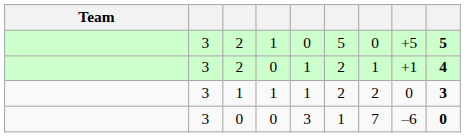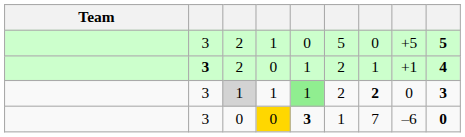 <table class="wikitable" style="text-align: center; font-size: 90%;">
 <tr>
 <th width=165>Team</th>
 <th width=25></th>
 <th width=25></th>
 <th width=25></th>
 <th width=25></th>
 <th width=25></th>
 <th width=25></th>
 <th width=25></th>
 <th width=25></th>
 </tr>
 <tr bgcolor=#ccffcc>
 <td align=left></td>
 <td>3</td>
 <td>2</td>
 <td>1</td>
 <td>0</td>
 <td>5</td>
 <td>0</td>
 <td>+5</td>
 <td><strong>5</strong></td>
 </tr>
 <tr bgcolor=#ccffcc>
 <td align=left></td>
-<td>3</td>
+<td><strong>3</strong></td>
 <td>2</td>
 <td>0</td>
 <td>1</td>
 <td>2</td>
 <td>1</td>
 <td>+1</td>
 <td><strong>4</strong></td>
 </tr>
 <tr>
 <td align=left></td>
 <td>3</td>
+<td style="background: lightgrey;">1</td>
 <td>1</td>
-<td>1</td>
-<td>1</td>
+<td style="background: lightgreen;">1</td>
 <td>2</td>
-<td>2</td>
+<td><strong>2</strong></td>
 <td>0</td>
 <td><strong>3</strong></td>
 </tr>
 <tr>
 <td align=left></td>
 <td>3</td>
 <td>0</td>
-<td>0</td>
-<td>3</td>
+<td style="background: gold;">0</td>
+<td><strong>3</strong></td>
 <td>1</td>
 <td>7</td>
 <td>–6</td>
 <td><strong>0</strong></td>
 </tr>
 </table>
